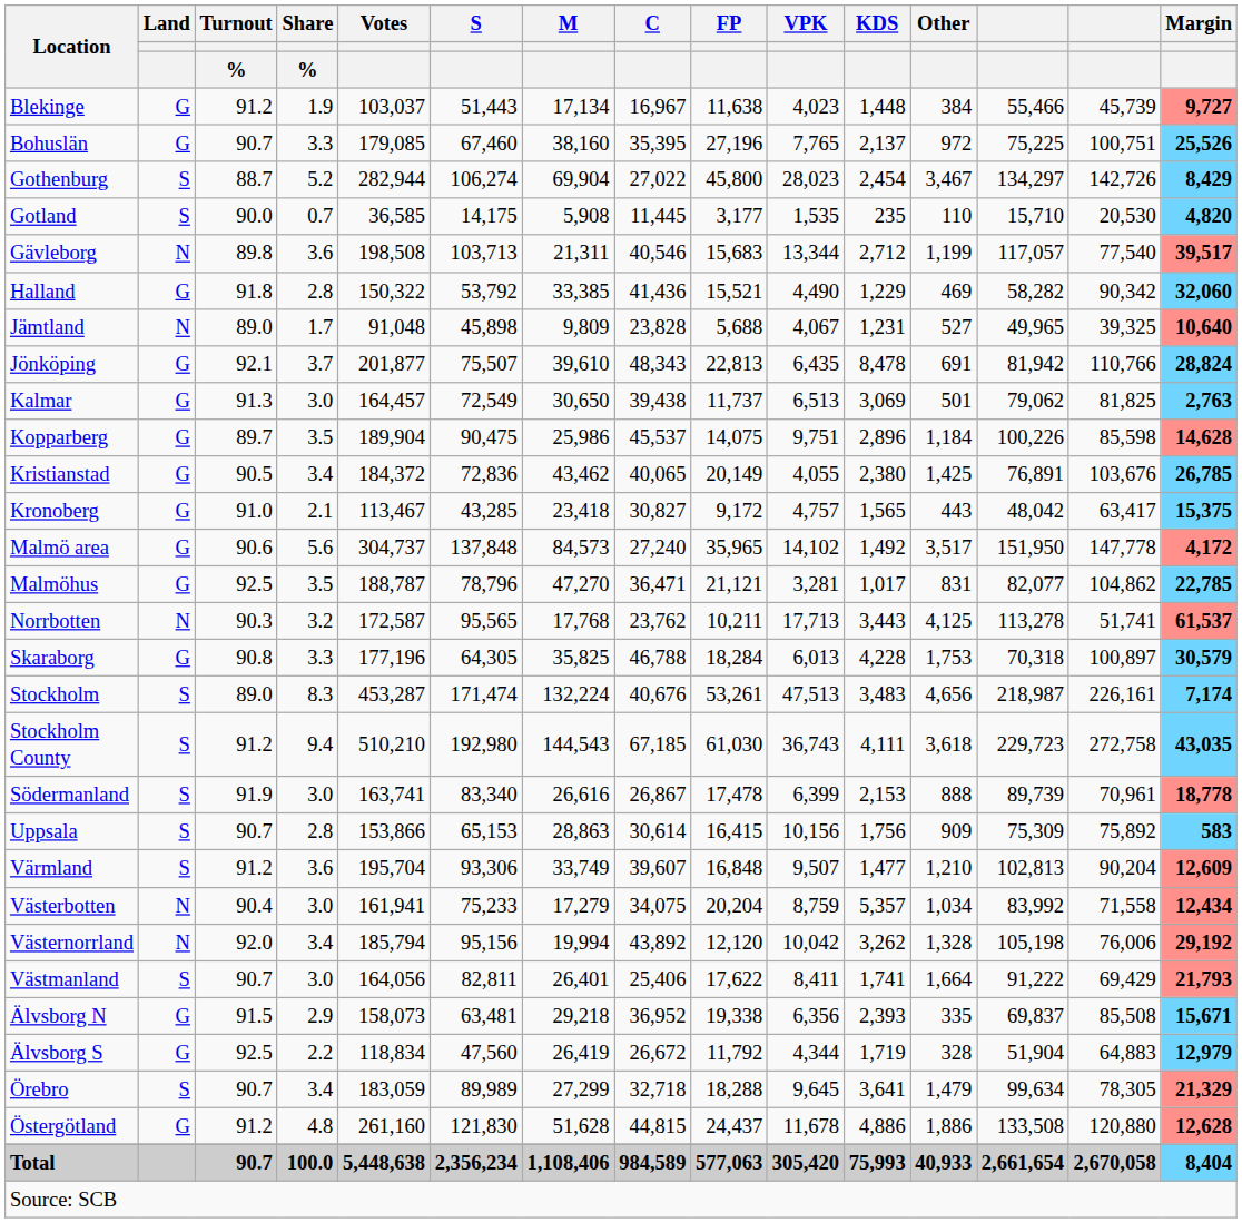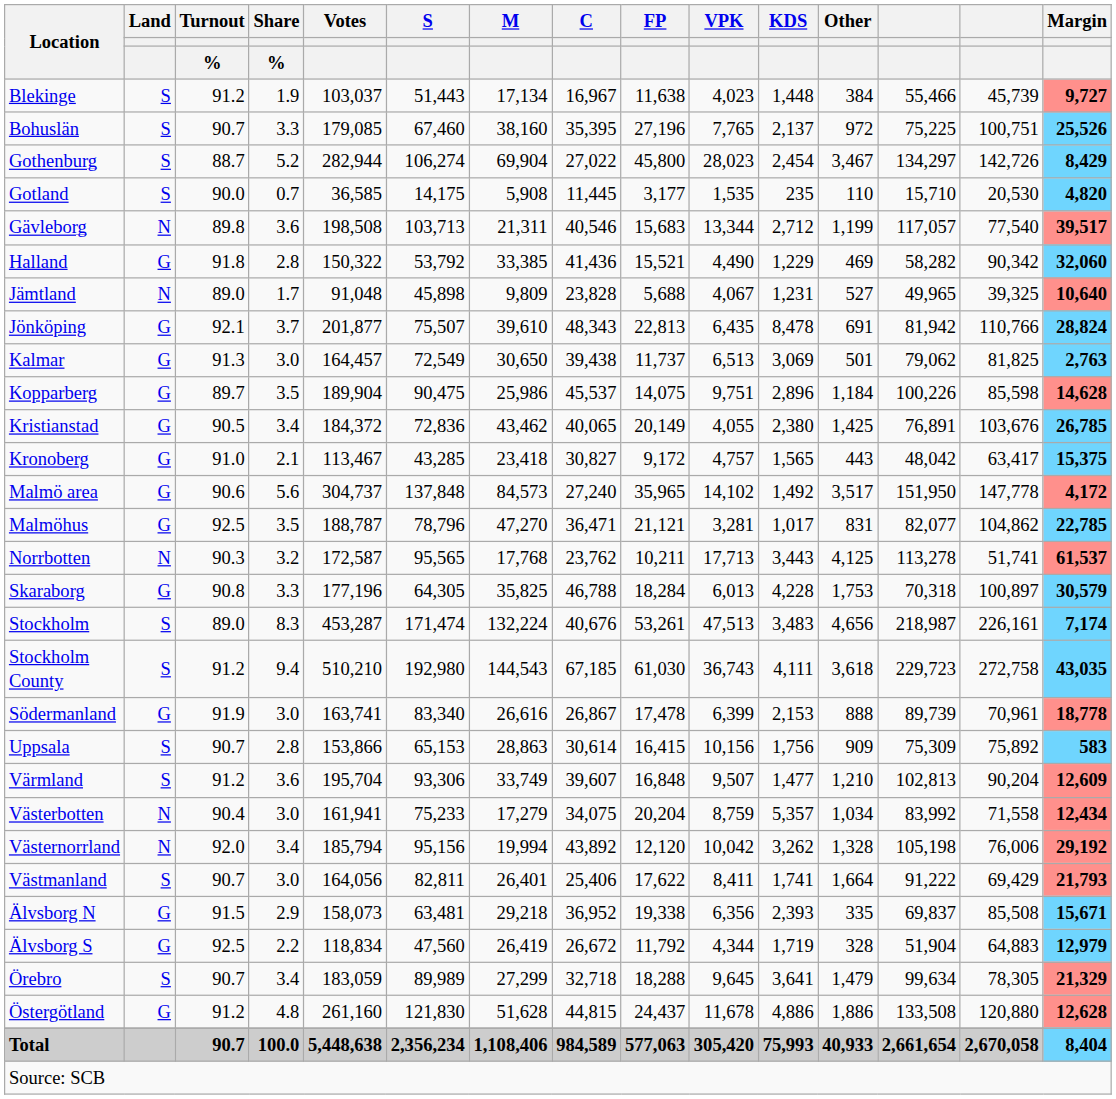 <table class="wikitable sortable" style="text-align:right; font-size:95%; line-height:20px;">
 <tr>
 <th rowspan="3">Location</th>
 <th>Land</th>
 <th>Turnout</th>
 <th>Share</th>
 <th>Votes</th>
 <th width="30px" class="unsortable"><a href='#'>S</a></th>
 <th width="30px" class="unsortable"><a href='#'>M</a></th>
 <th width="30px" class="unsortable"><a href='#'>C</a></th>
 <th width="30px" class="unsortable"><a href='#'>FP</a></th>
 <th width="30px" class="unsortable"><a href='#'>VPK</a></th>
 <th width="30px" class="unsortable"><a href='#'>KDS</a></th>
 <th width="30px" class="unsortable">Other</th>
 <th></th>
 <th></th>
 <th>Margin</th>
 </tr>
 <tr>
 <th></th>
 <th></th>
 <th></th>
 <th></th>
 <th style="background:"></th>
 <th style="background:"></th>
 <th style="background:"></th>
 <th style="background:"></th>
 <th style="background:"></th>
 <th style="background:"></th>
 <th style="background:"></th>
 <th style="background:"></th>
 <th style="background:"></th>
 <th></th>
 </tr>
 <tr>
 <th></th>
 <th data-sort-type="number">%</th>
 <th data-sort-type="number">%</th>
 <th></th>
 <th data-sort-type="number"></th>
 <th data-sort-type="number"></th>
 <th data-sort-type="number"></th>
 <th data-sort-type="number"></th>
 <th data-sort-type="number"></th>
 <th data-sort-type="number"></th>
 <th data-sort-type="number"></th>
 <th data-sort-type="number"></th>
 <th data-sort-type="number"></th>
 <th data-sort-type="number"></th>
 </tr>
 <tr>
 <td align=left><a href='#'>Blekinge</a></td>
-<td><a href='#'>G</a></td>
+<td><a href='#'>S</a></td>
 <td>91.2</td>
 <td>1.9</td>
 <td>103,037</td>
 <td>51,443</td>
 <td>17,134</td>
 <td>16,967</td>
 <td>11,638</td>
 <td>4,023</td>
 <td>1,448</td>
 <td>384</td>
 <td>55,466</td>
 <td>45,739</td>
 <td bgcolor=#ff908c><strong>9,727</strong></td>
 </tr>
 <tr>
 <td align=left><a href='#'>Bohuslän</a></td>
-<td><a href='#'>G</a></td>
+<td><a href='#'>S</a></td>
 <td>90.7</td>
 <td>3.3</td>
 <td>179,085</td>
 <td>67,460</td>
 <td>38,160</td>
 <td>35,395</td>
 <td>27,196</td>
 <td>7,765</td>
 <td>2,137</td>
 <td>972</td>
 <td>75,225</td>
 <td>100,751</td>
 <td bgcolor=#6fd5fe><strong>25,526</strong></td>
 </tr>
 <tr>
 <td align=left><a href='#'>Gothenburg</a></td>
 <td><a href='#'>S</a></td>
 <td>88.7</td>
 <td>5.2</td>
 <td>282,944</td>
 <td>106,274</td>
 <td>69,904</td>
 <td>27,022</td>
 <td>45,800</td>
 <td>28,023</td>
 <td>2,454</td>
 <td>3,467</td>
 <td>134,297</td>
 <td>142,726</td>
 <td bgcolor=#6fd5fe><strong>8,429</strong></td>
 </tr>
 <tr>
 <td align=left><a href='#'>Gotland</a></td>
 <td><a href='#'>S</a></td>
 <td>90.0</td>
 <td>0.7</td>
 <td>36,585</td>
 <td>14,175</td>
 <td>5,908</td>
 <td>11,445</td>
 <td>3,177</td>
 <td>1,535</td>
 <td>235</td>
 <td>110</td>
 <td>15,710</td>
 <td>20,530</td>
 <td bgcolor=#6fd5fe><strong>4,820</strong></td>
 </tr>
 <tr>
 <td align=left><a href='#'>Gävleborg</a></td>
 <td><a href='#'>N</a></td>
 <td>89.8</td>
 <td>3.6</td>
 <td>198,508</td>
 <td>103,713</td>
 <td>21,311</td>
 <td>40,546</td>
 <td>15,683</td>
 <td>13,344</td>
 <td>2,712</td>
 <td>1,199</td>
 <td>117,057</td>
 <td>77,540</td>
 <td bgcolor=#ff908c><strong>39,517</strong></td>
 </tr>
 <tr>
 <td align=left><a href='#'>Halland</a></td>
 <td><a href='#'>G</a></td>
 <td>91.8</td>
 <td>2.8</td>
 <td>150,322</td>
 <td>53,792</td>
 <td>33,385</td>
 <td>41,436</td>
 <td>15,521</td>
 <td>4,490</td>
 <td>1,229</td>
 <td>469</td>
 <td>58,282</td>
 <td>90,342</td>
 <td bgcolor=#6fd5fe><strong>32,060</strong></td>
 </tr>
 <tr>
 <td align=left><a href='#'>Jämtland</a></td>
 <td><a href='#'>N</a></td>
 <td>89.0</td>
 <td>1.7</td>
 <td>91,048</td>
 <td>45,898</td>
 <td>9,809</td>
 <td>23,828</td>
 <td>5,688</td>
 <td>4,067</td>
 <td>1,231</td>
 <td>527</td>
 <td>49,965</td>
 <td>39,325</td>
 <td bgcolor=#ff908c><strong>10,640</strong></td>
 </tr>
 <tr>
 <td align=left><a href='#'>Jönköping</a></td>
 <td><a href='#'>G</a></td>
 <td>92.1</td>
 <td>3.7</td>
 <td>201,877</td>
 <td>75,507</td>
 <td>39,610</td>
 <td>48,343</td>
 <td>22,813</td>
 <td>6,435</td>
 <td>8,478</td>
 <td>691</td>
 <td>81,942</td>
 <td>110,766</td>
 <td bgcolor=#6fd5fe><strong>28,824</strong></td>
 </tr>
 <tr>
 <td align=left><a href='#'>Kalmar</a></td>
 <td><a href='#'>G</a></td>
 <td>91.3</td>
 <td>3.0</td>
 <td>164,457</td>
 <td>72,549</td>
 <td>30,650</td>
 <td>39,438</td>
 <td>11,737</td>
 <td>6,513</td>
 <td>3,069</td>
 <td>501</td>
 <td>79,062</td>
 <td>81,825</td>
 <td bgcolor=#6fd5fe><strong>2,763</strong></td>
 </tr>
 <tr>
 <td align=left><a href='#'>Kopparberg</a></td>
 <td><a href='#'>G</a></td>
 <td>89.7</td>
 <td>3.5</td>
 <td>189,904</td>
 <td>90,475</td>
 <td>25,986</td>
 <td>45,537</td>
 <td>14,075</td>
 <td>9,751</td>
 <td>2,896</td>
 <td>1,184</td>
 <td>100,226</td>
 <td>85,598</td>
 <td bgcolor=#ff908c><strong>14,628</strong></td>
 </tr>
 <tr>
 <td align=left><a href='#'>Kristianstad</a></td>
 <td><a href='#'>G</a></td>
 <td>90.5</td>
 <td>3.4</td>
 <td>184,372</td>
 <td>72,836</td>
 <td>43,462</td>
 <td>40,065</td>
 <td>20,149</td>
 <td>4,055</td>
 <td>2,380</td>
 <td>1,425</td>
 <td>76,891</td>
 <td>103,676</td>
 <td bgcolor=#6fd5fe><strong>26,785</strong></td>
 </tr>
 <tr>
 <td align=left><a href='#'>Kronoberg</a></td>
 <td><a href='#'>G</a></td>
 <td>91.0</td>
 <td>2.1</td>
 <td>113,467</td>
 <td>43,285</td>
 <td>23,418</td>
 <td>30,827</td>
 <td>9,172</td>
 <td>4,757</td>
 <td>1,565</td>
 <td>443</td>
 <td>48,042</td>
 <td>63,417</td>
 <td bgcolor=#6fd5fe><strong>15,375</strong></td>
 </tr>
 <tr>
 <td align=left><a href='#'>Malmö area</a></td>
 <td><a href='#'>G</a></td>
 <td>90.6</td>
 <td>5.6</td>
 <td>304,737</td>
 <td>137,848</td>
 <td>84,573</td>
 <td>27,240</td>
 <td>35,965</td>
 <td>14,102</td>
 <td>1,492</td>
 <td>3,517</td>
 <td>151,950</td>
 <td>147,778</td>
 <td bgcolor=#ff908c><strong>4,172</strong></td>
 </tr>
 <tr>
 <td align=left><a href='#'>Malmöhus</a></td>
 <td><a href='#'>G</a></td>
 <td>92.5</td>
 <td>3.5</td>
 <td>188,787</td>
 <td>78,796</td>
 <td>47,270</td>
 <td>36,471</td>
 <td>21,121</td>
 <td>3,281</td>
 <td>1,017</td>
 <td>831</td>
 <td>82,077</td>
 <td>104,862</td>
 <td bgcolor=#6fd5fe><strong>22,785</strong></td>
 </tr>
 <tr>
 <td align=left><a href='#'>Norrbotten</a></td>
 <td><a href='#'>N</a></td>
 <td>90.3</td>
 <td>3.2</td>
 <td>172,587</td>
 <td>95,565</td>
 <td>17,768</td>
 <td>23,762</td>
 <td>10,211</td>
 <td>17,713</td>
 <td>3,443</td>
 <td>4,125</td>
 <td>113,278</td>
 <td>51,741</td>
 <td bgcolor=#ff908c><strong>61,537</strong></td>
 </tr>
 <tr>
 <td align=left><a href='#'>Skaraborg</a></td>
 <td><a href='#'>G</a></td>
 <td>90.8</td>
 <td>3.3</td>
 <td>177,196</td>
 <td>64,305</td>
 <td>35,825</td>
 <td>46,788</td>
 <td>18,284</td>
 <td>6,013</td>
 <td>4,228</td>
 <td>1,753</td>
 <td>70,318</td>
 <td>100,897</td>
 <td bgcolor=#6fd5fe><strong>30,579</strong></td>
 </tr>
 <tr>
 <td align=left><a href='#'>Stockholm</a></td>
 <td><a href='#'>S</a></td>
 <td>89.0</td>
 <td>8.3</td>
 <td>453,287</td>
 <td>171,474</td>
 <td>132,224</td>
 <td>40,676</td>
 <td>53,261</td>
 <td>47,513</td>
 <td>3,483</td>
 <td>4,656</td>
 <td>218,987</td>
 <td>226,161</td>
 <td bgcolor=#6fd5fe><strong>7,174</strong></td>
 </tr>
 <tr>
 <td align=left><a href='#'>Stockholm County</a></td>
 <td><a href='#'>S</a></td>
 <td>91.2</td>
 <td>9.4</td>
 <td>510,210</td>
 <td>192,980</td>
 <td>144,543</td>
 <td>67,185</td>
 <td>61,030</td>
 <td>36,743</td>
 <td>4,111</td>
 <td>3,618</td>
 <td>229,723</td>
 <td>272,758</td>
 <td bgcolor=#6fd5fe><strong>43,035</strong></td>
 </tr>
 <tr>
 <td align=left><a href='#'>Södermanland</a></td>
-<td><a href='#'>S</a></td>
+<td><a href='#'>G</a></td>
 <td>91.9</td>
 <td>3.0</td>
 <td>163,741</td>
 <td>83,340</td>
 <td>26,616</td>
 <td>26,867</td>
 <td>17,478</td>
 <td>6,399</td>
 <td>2,153</td>
 <td>888</td>
 <td>89,739</td>
 <td>70,961</td>
 <td bgcolor=#ff908c><strong>18,778</strong></td>
 </tr>
 <tr>
 <td align=left><a href='#'>Uppsala</a></td>
 <td><a href='#'>S</a></td>
 <td>90.7</td>
 <td>2.8</td>
 <td>153,866</td>
 <td>65,153</td>
 <td>28,863</td>
 <td>30,614</td>
 <td>16,415</td>
 <td>10,156</td>
 <td>1,756</td>
 <td>909</td>
 <td>75,309</td>
 <td>75,892</td>
 <td bgcolor=#6fd5fe><strong>583</strong></td>
 </tr>
 <tr>
 <td align=left><a href='#'>Värmland</a></td>
 <td><a href='#'>S</a></td>
 <td>91.2</td>
 <td>3.6</td>
 <td>195,704</td>
 <td>93,306</td>
 <td>33,749</td>
 <td>39,607</td>
 <td>16,848</td>
 <td>9,507</td>
 <td>1,477</td>
 <td>1,210</td>
 <td>102,813</td>
 <td>90,204</td>
 <td bgcolor=#ff908c><strong>12,609</strong></td>
 </tr>
 <tr>
 <td align=left><a href='#'>Västerbotten</a></td>
 <td><a href='#'>N</a></td>
 <td>90.4</td>
 <td>3.0</td>
 <td>161,941</td>
 <td>75,233</td>
 <td>17,279</td>
 <td>34,075</td>
 <td>20,204</td>
 <td>8,759</td>
 <td>5,357</td>
 <td>1,034</td>
 <td>83,992</td>
 <td>71,558</td>
 <td bgcolor=#ff908c><strong>12,434</strong></td>
 </tr>
 <tr>
 <td align=left><a href='#'>Västernorrland</a></td>
 <td><a href='#'>N</a></td>
 <td>92.0</td>
 <td>3.4</td>
 <td>185,794</td>
 <td>95,156</td>
 <td>19,994</td>
 <td>43,892</td>
 <td>12,120</td>
 <td>10,042</td>
 <td>3,262</td>
 <td>1,328</td>
 <td>105,198</td>
 <td>76,006</td>
 <td bgcolor=#ff908c><strong>29,192</strong></td>
 </tr>
 <tr>
 <td align=left><a href='#'>Västmanland</a></td>
 <td><a href='#'>S</a></td>
 <td>90.7</td>
 <td>3.0</td>
 <td>164,056</td>
 <td>82,811</td>
 <td>26,401</td>
 <td>25,406</td>
 <td>17,622</td>
 <td>8,411</td>
 <td>1,741</td>
 <td>1,664</td>
 <td>91,222</td>
 <td>69,429</td>
 <td bgcolor=#ff908c><strong>21,793</strong></td>
 </tr>
 <tr>
 <td align=left><a href='#'>Älvsborg N</a></td>
 <td><a href='#'>G</a></td>
 <td>91.5</td>
 <td>2.9</td>
 <td>158,073</td>
 <td>63,481</td>
 <td>29,218</td>
 <td>36,952</td>
 <td>19,338</td>
 <td>6,356</td>
 <td>2,393</td>
 <td>335</td>
 <td>69,837</td>
 <td>85,508</td>
 <td bgcolor=#6fd5fe><strong>15,671</strong></td>
 </tr>
 <tr>
 <td align=left><a href='#'>Älvsborg S</a></td>
 <td><a href='#'>G</a></td>
 <td>92.5</td>
 <td>2.2</td>
 <td>118,834</td>
 <td>47,560</td>
 <td>26,419</td>
 <td>26,672</td>
 <td>11,792</td>
 <td>4,344</td>
 <td>1,719</td>
 <td>328</td>
 <td>51,904</td>
 <td>64,883</td>
 <td bgcolor=#6fd5fe><strong>12,979</strong></td>
 </tr>
 <tr>
 <td align=left><a href='#'>Örebro</a></td>
 <td><a href='#'>S</a></td>
 <td>90.7</td>
 <td>3.4</td>
 <td>183,059</td>
 <td>89,989</td>
 <td>27,299</td>
 <td>32,718</td>
 <td>18,288</td>
 <td>9,645</td>
 <td>3,641</td>
 <td>1,479</td>
 <td>99,634</td>
 <td>78,305</td>
 <td bgcolor=#ff908c><strong>21,329</strong></td>
 </tr>
 <tr>
 <td align=left><a href='#'>Östergötland</a></td>
 <td><a href='#'>G</a></td>
 <td>91.2</td>
 <td>4.8</td>
 <td>261,160</td>
 <td>121,830</td>
 <td>51,628</td>
 <td>44,815</td>
 <td>24,437</td>
 <td>11,678</td>
 <td>4,886</td>
 <td>1,886</td>
 <td>133,508</td>
 <td>120,880</td>
 <td bgcolor=#ff908c><strong>12,628</strong></td>
 </tr>
 <tr>
 </tr>
 <tr style="background:#CDCDCD;">
 <td align=left><strong>Total</strong></td>
 <td></td>
 <td><strong>90.7</strong></td>
 <td><strong>100.0</strong></td>
 <td><strong>5,448,638</strong></td>
 <td><strong>2,356,234</strong></td>
 <td><strong>1,108,406</strong></td>
 <td><strong>984,589</strong></td>
 <td><strong>577,063</strong></td>
 <td><strong>305,420</strong></td>
 <td><strong>75,993</strong></td>
 <td><strong>40,933</strong></td>
 <td><strong>2,661,654</strong></td>
 <td><strong>2,670,058</strong></td>
 <td bgcolor=#6fd5fe><strong>8,404</strong></td>
 </tr>
 <tr>
 <td align=left colspan=15>Source: SCB</td>
 </tr>
 </table>
